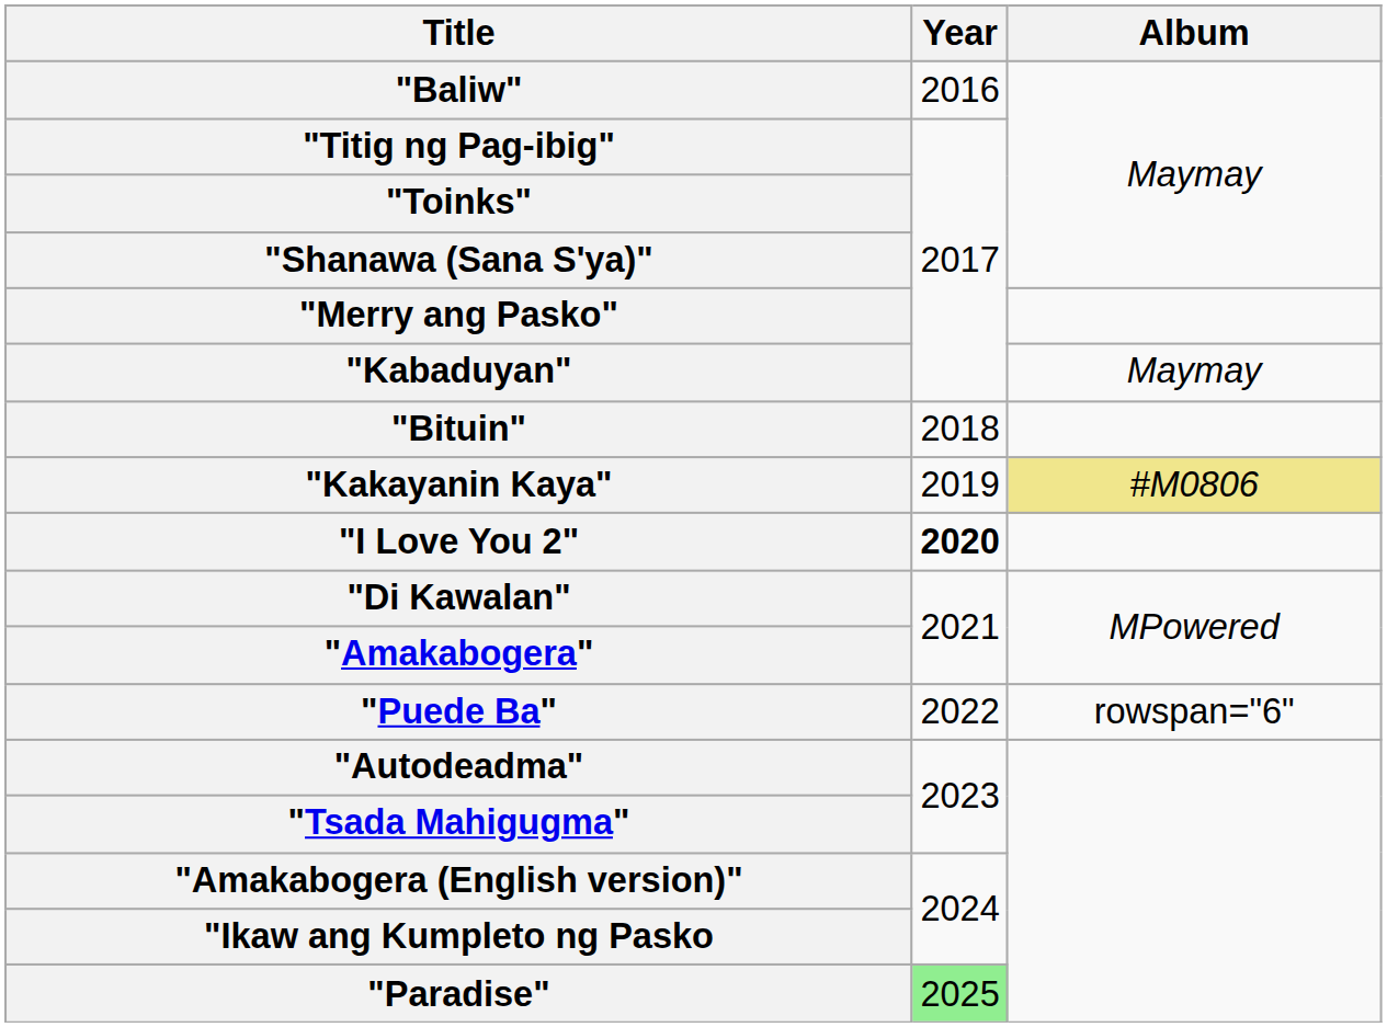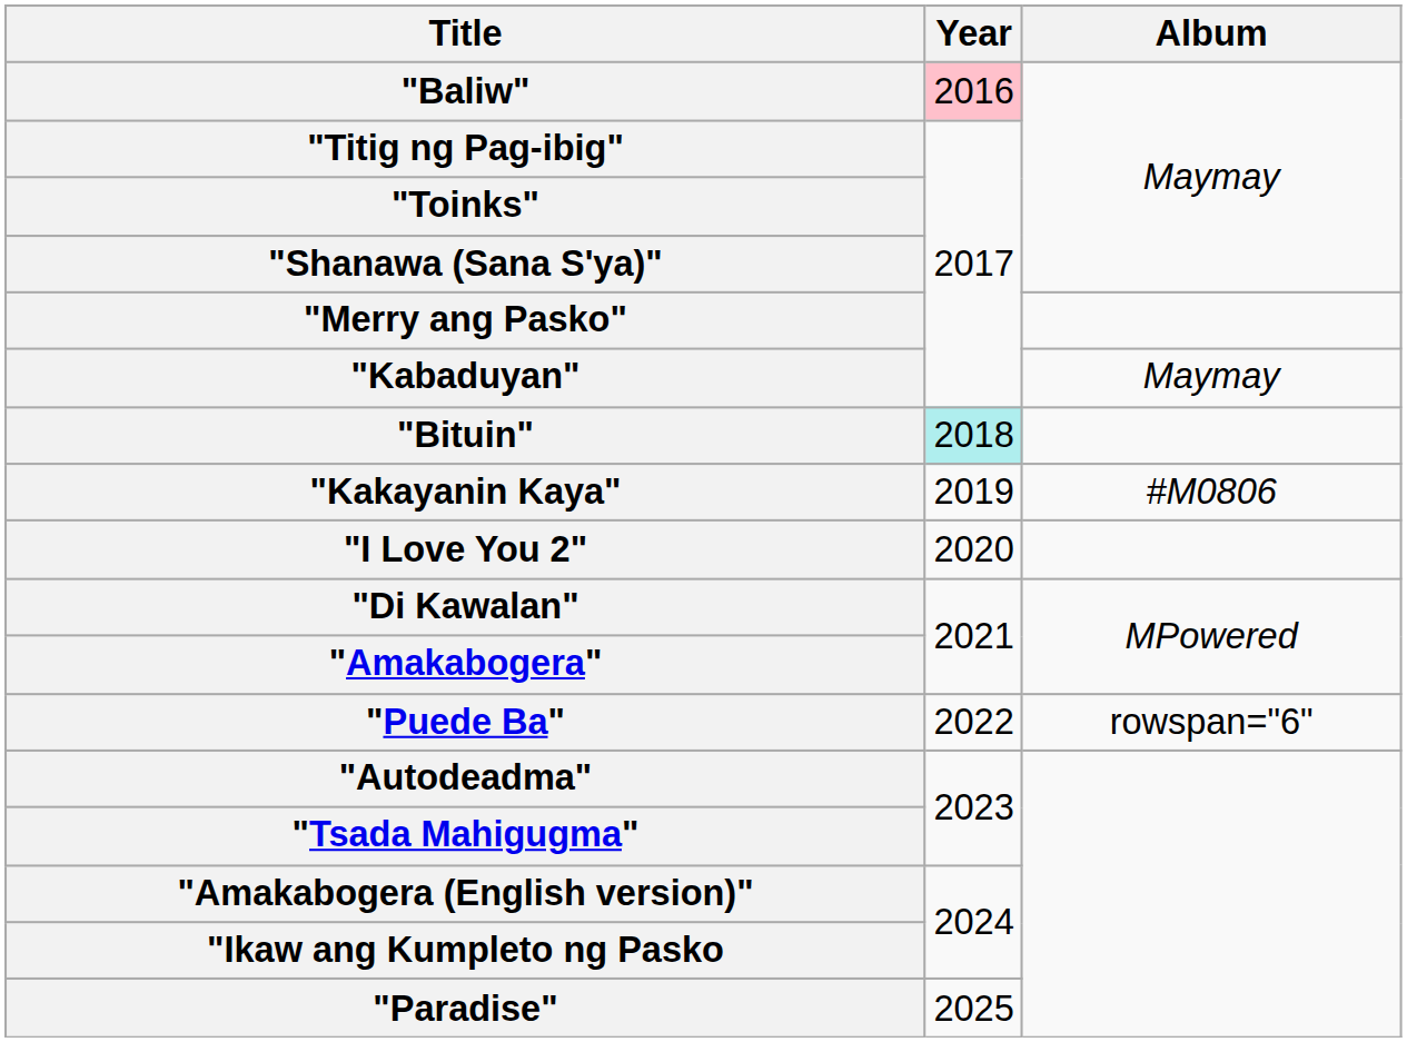 <table class="wikitable plainrowheaders" style="text-align:center;">
 <tr>
 <th scope="col" style="width:25em;">Title</th>
 <th scope="col" style="width:1em;">Year</th>
 <th scope="col" style="width:10em;">Album</th>
 </tr>
 <tr>
 <th scope="row">"Baliw"<br></th>
-<td>2016</td>
+<td style="background: pink;">2016</td>
 <td rowspan="4"><em>Maymay</em></td>
 </tr>
 <tr>
 <th scope="row">"Titig ng Pag-ibig"<br></th>
 <td rowspan="5">2017</td>
 </tr>
 <tr>
 <th scope="row">"Toinks"</th>
 </tr>
 <tr>
 <th scope="row">"Shanawa (Sana S'ya)"</th>
 </tr>
 <tr>
 <th scope="row">"Merry ang Pasko"</th>
 <td></td>
 </tr>
 <tr>
 <th scope="row">"Kabaduyan"</th>
 <td><em>Maymay</em></td>
 </tr>
 <tr>
 <th scope="row">"Bituin"</th>
-<td>2018</td>
+<td style="background: paleturquoise;">2018</td>
 <td></td>
 </tr>
 <tr>
 <th scope="row">"Kakayanin Kaya"</th>
 <td>2019</td>
-<td style="background: khaki;"><em>#M0806</em></td>
+<td><em>#M0806</em></td>
 </tr>
 <tr>
 <th scope="row">"I Love You 2"</th>
-<td><strong>2020</strong></td>
+<td>2020</td>
 <td></td>
 </tr>
 <tr>
 <th scope="row">"Di Kawalan"</th>
 <td rowspan="2">2021</td>
 <td rowspan="2"><em>MPowered</em></td>
 </tr>
 <tr>
 <th scope="row">"<a href='#'>Amakabogera</a>"</th>
 </tr>
 <tr>
 <th scope="row">"<a href='#'>Puede Ba</a>"</th>
 <td>2022</td>
 <td>rowspan="6" </td>
 </tr>
 <tr>
 <th scope="row">"Autodeadma" </th>
 <td rowspan="2">2023</td>
 </tr>
 <tr>
 <th scope="row">"<a href='#'>Tsada Mahigugma</a>"</th>
 </tr>
 <tr>
 <th scope="row">"Amakabogera (English version)"</th>
 <td rowspan="2">2024</td>
 </tr>
 <tr>
 <th scope="row">"Ikaw ang Kumpleto ng Pasko</th>
 </tr>
 <tr>
 <th scope="row">"Paradise"</th>
-<td style="background: lightgreen;">2025</td>
+<td>2025</td>
 </tr>
 </table>
